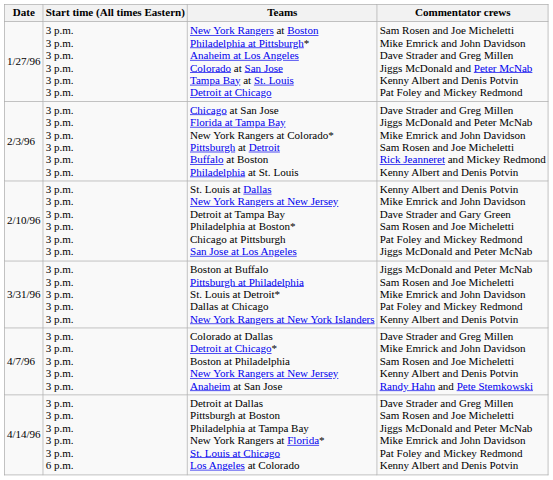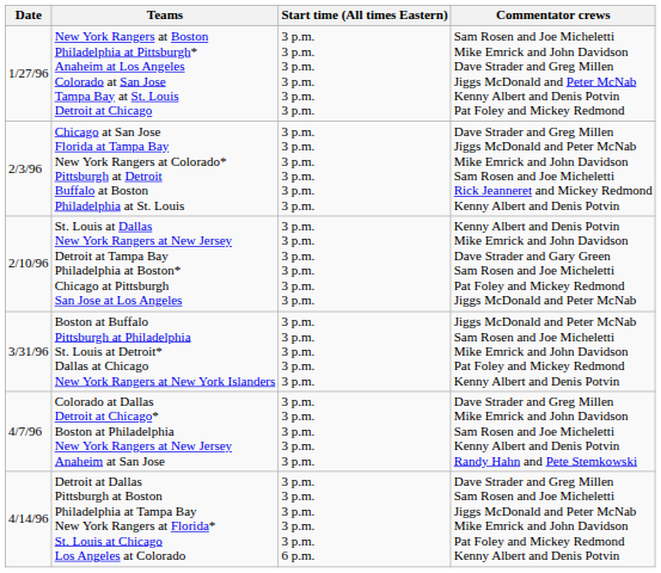 <table class="wikitable">
 <tr>
 <th>Date</th>
+<th>Teams</th>
 <th>Start time (All times Eastern)</th>
-<th>Teams</th>
 <th>Commentator crews</th>
 </tr>
 <tr>
 <td>1/27/96</td>
+<td><a href='#'>New York Rangers</a> at <a href='#'>Boston</a><br><a href='#'>Philadelphia at Pittsburgh</a>*<br><a href='#'>Anaheim at Los Angeles</a><br><a href='#'>Colorado</a> at <a href='#'>San Jose</a><br><a href='#'>Tampa Bay</a> at <a href='#'>St. Louis</a><br><a href='#'>Detroit at Chicago</a></td>
 <td>3 p.m.<br>3 p.m.<br>3 p.m.<br>3 p.m.<br>3 p.m.<br>3 p.m.</td>
-<td><a href='#'>New York Rangers</a> at <a href='#'>Boston</a><br><a href='#'>Philadelphia at Pittsburgh</a>*<br><a href='#'>Anaheim at Los Angeles</a><br><a href='#'>Colorado</a> at <a href='#'>San Jose</a><br><a href='#'>Tampa Bay</a> at <a href='#'>St. Louis</a><br><a href='#'>Detroit at Chicago</a></td>
 <td>Sam Rosen and Joe Micheletti<br>Mike Emrick and John Davidson<br>Dave Strader and Greg Millen<br>Jiggs McDonald and <a href='#'>Peter McNab</a><br>Kenny Albert and Denis Potvin<br>Pat Foley and Mickey Redmond</td>
 </tr>
 <tr>
 <td>2/3/96</td>
+<td><a href='#'>Chicago</a> at San Jose<br><a href='#'>Florida at Tampa Bay</a><br>New York Rangers at Colorado*<br><a href='#'>Pittsburgh</a> at <a href='#'>Detroit</a><br><a href='#'>Buffalo</a> at Boston<br><a href='#'>Philadelphia</a> at St. Louis</td>
 <td>3 p.m.<br>3 p.m.<br>3 p.m.<br>3 p.m.<br>3 p.m.<br>3 p.m.</td>
-<td><a href='#'>Chicago</a> at San Jose<br><a href='#'>Florida at Tampa Bay</a><br>New York Rangers at Colorado*<br><a href='#'>Pittsburgh</a> at <a href='#'>Detroit</a><br><a href='#'>Buffalo</a> at Boston<br><a href='#'>Philadelphia</a> at St. Louis</td>
 <td>Dave Strader and Greg Millen<br>Jiggs McDonald and Peter McNab<br>Mike Emrick and John Davidson<br>Sam Rosen and Joe Micheletti<br><a href='#'>Rick Jeanneret</a> and Mickey Redmond<br>Kenny Albert and Denis Potvin</td>
 </tr>
 <tr>
 <td>2/10/96</td>
+<td>St. Louis at <a href='#'>Dallas</a><br><a href='#'>New York Rangers at New Jersey</a><br>Detroit at Tampa Bay<br>Philadelphia at Boston*<br>Chicago at Pittsburgh<br><a href='#'>San Jose at Los Angeles</a></td>
 <td>3 p.m.<br>3 p.m.<br>3 p.m.<br>3 p.m.<br>3 p.m.<br>3 p.m.</td>
-<td>St. Louis at <a href='#'>Dallas</a><br><a href='#'>New York Rangers at New Jersey</a><br>Detroit at Tampa Bay<br>Philadelphia at Boston*<br>Chicago at Pittsburgh<br><a href='#'>San Jose at Los Angeles</a></td>
 <td>Kenny Albert and Denis Potvin<br>Mike Emrick and John Davidson<br>Dave Strader and Gary Green<br>Sam Rosen and Joe Micheletti<br>Pat Foley and Mickey Redmond<br>Jiggs McDonald and Peter McNab</td>
 </tr>
 <tr>
 <td>3/31/96</td>
+<td>Boston at Buffalo<br><a href='#'>Pittsburgh at Philadelphia</a><br>St. Louis at Detroit*<br>Dallas at Chicago<br><a href='#'>New York Rangers at New York Islanders</a></td>
 <td>3 p.m.<br>3 p.m.<br>3 p.m.<br>3 p.m.<br>3 p.m.</td>
-<td>Boston at Buffalo<br><a href='#'>Pittsburgh at Philadelphia</a><br>St. Louis at Detroit*<br>Dallas at Chicago<br><a href='#'>New York Rangers at New York Islanders</a></td>
 <td>Jiggs McDonald and Peter McNab<br>Sam Rosen and Joe Micheletti<br>Mike Emrick and John Davidson<br>Pat Foley and Mickey Redmond<br>Kenny Albert and Denis Potvin</td>
 </tr>
 <tr>
 <td>4/7/96</td>
+<td>Colorado at Dallas<br><a href='#'>Detroit at Chicago</a>*<br>Boston at Philadelphia<br><a href='#'>New York Rangers at New Jersey</a><br><a href='#'>Anaheim</a> at San Jose</td>
 <td>3 p.m.<br>3 p.m.<br>3 p.m.<br>3 p.m.<br>3 p.m.</td>
-<td>Colorado at Dallas<br><a href='#'>Detroit at Chicago</a>*<br>Boston at Philadelphia<br><a href='#'>New York Rangers at New Jersey</a><br><a href='#'>Anaheim</a> at San Jose</td>
 <td>Dave Strader and Greg Millen<br>Mike Emrick and John Davidson<br>Sam Rosen and Joe Micheletti<br>Kenny Albert and Denis Potvin<br><a href='#'>Randy Hahn</a> and <a href='#'>Pete Stemkowski</a></td>
 </tr>
 <tr>
 <td>4/14/96</td>
+<td>Detroit at Dallas<br>Pittsburgh at Boston<br>Philadelphia at Tampa Bay<br>New York Rangers at <a href='#'>Florida</a>*<br><a href='#'>St. Louis at Chicago</a><br><a href='#'>Los Angeles</a> at Colorado</td>
 <td>3 p.m.<br>3 p.m.<br>3 p.m.<br>3 p.m.<br>3 p.m.<br>6 p.m.</td>
-<td>Detroit at Dallas<br>Pittsburgh at Boston<br>Philadelphia at Tampa Bay<br>New York Rangers at <a href='#'>Florida</a>*<br><a href='#'>St. Louis at Chicago</a><br><a href='#'>Los Angeles</a> at Colorado</td>
 <td>Dave Strader and Greg Millen<br>Sam Rosen and Joe Micheletti<br>Jiggs McDonald and Peter McNab<br>Mike Emrick and John Davidson<br>Pat Foley and Mickey Redmond<br>Kenny Albert and Denis Potvin</td>
 </tr>
 </table>
